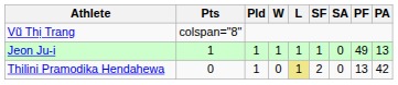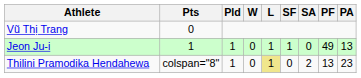 <table class=wikitable style="text-align:center">
 <tr>
 <th width="225">Athlete</th>
 <th width="20">Pts</th>
 <th width="20">Pld</th>
 <th width="20">W</th>
 <th width="20">L</th>
 <th width="20">SF</th>
 <th width="20">SA</th>
 <th width="20">PF</th>
 <th width="20">PA</th>
 </tr>
 <tr>
 <td style="text-align:left"> <a href='#'>Vũ Thị Trang</a></td>
-<td>colspan="8" </td>
+<td>0</td>
 </tr>
 <tr bgcolor="#ccffcc">
 <td style="text-align:left"> <a href='#'>Jeon Ju-i</a></td>
 <td>1</td>
 <td>1</td>
-<td>1</td>
+<td>0</td>
 <td>1</td>
 <td>1</td>
 <td>0</td>
 <td>49</td>
 <td>13</td>
 </tr>
 <tr>
 <td style="text-align:left"> <a href='#'>Thilini Pramodika Hendahewa</a></td>
-<td>0</td>
+<td>colspan="8" </td>
 <td>1</td>
 <td>0</td>
 <td style="background: khaki;">1</td>
+<td>0</td>
 <td>2</td>
-<td>0</td>
 <td>13</td>
-<td>42</td>
+<td>23</td>
 </tr>
 </table>
